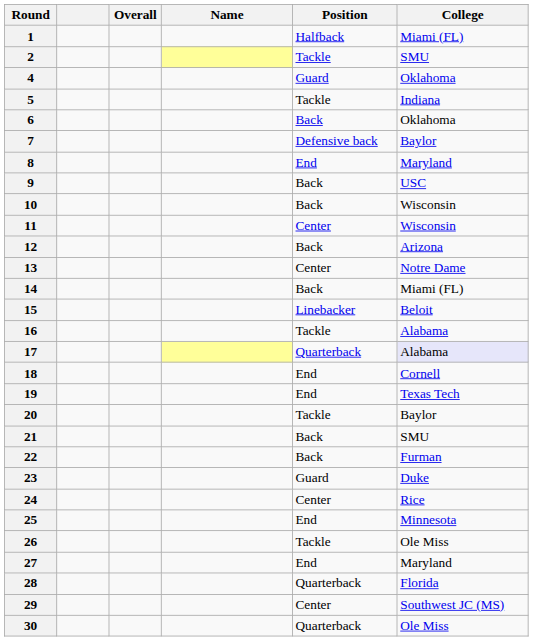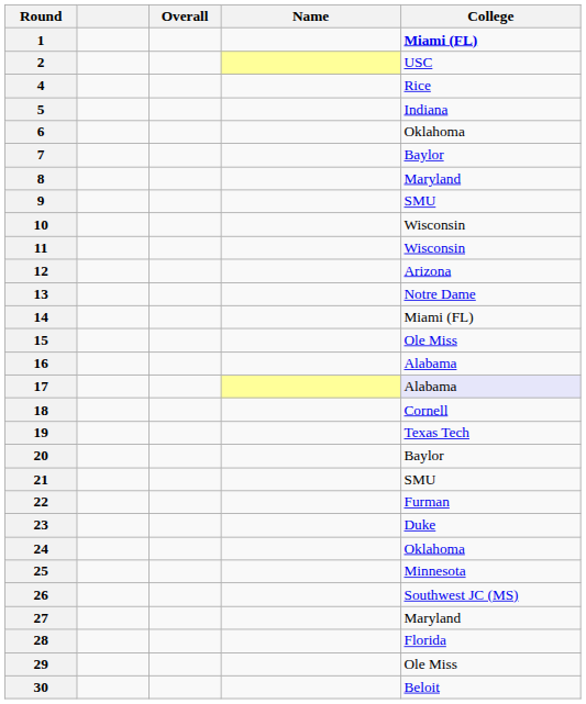 <table class="wikitable sortable" style="width: 50%;">
 <tr>
 <th scope="col" style="width: 10%;">Round</th>
 <th scope="col" style="width: 10%;"></th>
 <th scope="col" style="width: 10%;">Overall</th>
 <th scope="col" style="width: 25%;">Name</th>
-<th scope="col" style="width: 20%;">Position</th>
 <th scope="col" style="width: 25%;">College</th>
 </tr>
 <tr>
 <th scope="row">1</th>
 <td></td>
 <td></td>
 <td></td>
-<td><a href='#'>Halfback</a></td>
-<td><a href='#'>Miami (FL)</a></td>
+<td><strong><a href='#'>Miami (FL)</a></strong></td>
 </tr>
 <tr>
 <th scope="row">2</th>
 <td></td>
 <td></td>
 <td style="background:#FFFF99;"> </td>
-<td><a href='#'>Tackle</a></td>
-<td><a href='#'>SMU</a></td>
+<td><a href='#'>USC</a></td>
 </tr>
 <tr>
 <th scope="row">4</th>
 <td></td>
 <td></td>
 <td></td>
-<td><a href='#'>Guard</a></td>
-<td><a href='#'>Oklahoma</a></td>
+<td><a href='#'>Rice</a></td>
 </tr>
 <tr>
 <th scope="row">5</th>
 <td></td>
 <td></td>
 <td> <sup></sup></td>
-<td>Tackle</td>
 <td><a href='#'>Indiana</a></td>
 </tr>
 <tr>
 <th scope="row">6</th>
 <td></td>
 <td></td>
 <td></td>
-<td><a href='#'>Back</a></td>
 <td>Oklahoma</td>
 </tr>
 <tr>
 <th scope="row">7</th>
 <td></td>
 <td></td>
 <td> <sup></sup></td>
-<td><a href='#'>Defensive back</a></td>
 <td><a href='#'>Baylor</a></td>
 </tr>
 <tr>
 <th scope="row">8</th>
 <td></td>
 <td></td>
 <td></td>
-<td><a href='#'>End</a></td>
 <td><a href='#'>Maryland</a></td>
 </tr>
 <tr>
 <th scope="row">9</th>
 <td></td>
 <td></td>
 <td></td>
-<td>Back</td>
-<td><a href='#'>USC</a></td>
+<td><a href='#'>SMU</a></td>
 </tr>
 <tr>
 <th scope="row">10</th>
 <td></td>
 <td></td>
 <td></td>
-<td>Back</td>
 <td>Wisconsin</td>
 </tr>
 <tr>
 <th scope="row">11</th>
 <td></td>
 <td></td>
 <td></td>
-<td><a href='#'>Center</a></td>
 <td><a href='#'>Wisconsin</a></td>
 </tr>
 <tr>
 <th scope="row">12</th>
 <td></td>
 <td></td>
 <td></td>
-<td>Back</td>
 <td><a href='#'>Arizona</a></td>
 </tr>
 <tr>
 <th scope="row">13</th>
 <td></td>
 <td></td>
 <td></td>
-<td>Center</td>
 <td><a href='#'>Notre Dame</a></td>
 </tr>
 <tr>
 <th scope="row">14</th>
 <td></td>
 <td></td>
 <td></td>
-<td>Back</td>
 <td>Miami (FL)</td>
 </tr>
 <tr>
 <th scope="row">15</th>
 <td></td>
 <td></td>
 <td></td>
-<td><a href='#'>Linebacker</a></td>
-<td><a href='#'>Beloit</a></td>
+<td><a href='#'>Ole Miss</a></td>
 </tr>
 <tr>
 <th scope="row">16</th>
 <td></td>
 <td></td>
 <td></td>
-<td>Tackle</td>
 <td><a href='#'>Alabama</a></td>
 </tr>
 <tr>
 <th scope="row">17</th>
 <td></td>
 <td></td>
 <td style="background:#FFFF99;"> </td>
-<td><a href='#'>Quarterback</a></td>
 <td style="background: lavender;">Alabama</td>
 </tr>
 <tr>
 <th scope="row">18</th>
 <td></td>
 <td></td>
 <td></td>
-<td>End</td>
 <td><a href='#'>Cornell</a></td>
 </tr>
 <tr>
 <th scope="row">19</th>
 <td></td>
 <td></td>
 <td></td>
-<td>End</td>
 <td><a href='#'>Texas Tech</a></td>
 </tr>
 <tr>
 <th scope="row">20</th>
 <td></td>
 <td></td>
 <td></td>
-<td>Tackle</td>
 <td>Baylor</td>
 </tr>
 <tr>
 <th scope="row">21</th>
 <td></td>
 <td></td>
 <td></td>
-<td>Back</td>
 <td>SMU</td>
 </tr>
 <tr>
 <th scope="row">22</th>
 <td></td>
 <td></td>
 <td></td>
-<td>Back</td>
 <td><a href='#'>Furman</a></td>
 </tr>
 <tr>
 <th scope="row">23</th>
 <td></td>
 <td></td>
 <td></td>
-<td>Guard</td>
 <td><a href='#'>Duke</a></td>
 </tr>
 <tr>
 <th scope="row">24</th>
 <td></td>
 <td></td>
 <td></td>
-<td>Center</td>
-<td><a href='#'>Rice</a></td>
+<td><a href='#'>Oklahoma</a></td>
 </tr>
 <tr>
 <th scope="row">25</th>
 <td></td>
 <td></td>
 <td></td>
-<td>End</td>
 <td><a href='#'>Minnesota</a></td>
 </tr>
 <tr>
 <th scope="row">26</th>
 <td></td>
 <td></td>
 <td></td>
-<td>Tackle</td>
-<td>Ole Miss</td>
+<td><a href='#'>Southwest JC (MS)</a></td>
 </tr>
 <tr>
 <th scope="row">27</th>
 <td></td>
 <td></td>
 <td></td>
-<td>End</td>
 <td>Maryland</td>
 </tr>
 <tr>
 <th scope="row">28</th>
 <td></td>
 <td></td>
 <td></td>
-<td>Quarterback</td>
 <td><a href='#'>Florida</a></td>
 </tr>
 <tr>
 <th scope="row">29</th>
 <td></td>
 <td></td>
 <td></td>
-<td>Center</td>
-<td><a href='#'>Southwest JC (MS)</a></td>
+<td>Ole Miss</td>
 </tr>
 <tr>
 <th scope="row">30</th>
 <td></td>
 <td></td>
 <td></td>
-<td>Quarterback</td>
-<td><a href='#'>Ole Miss</a></td>
+<td><a href='#'>Beloit</a></td>
 </tr>
 </table>
